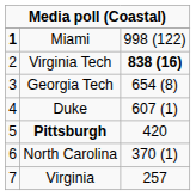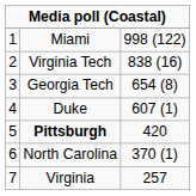 <table class="wikitable">
 <tr align="center">
 <td align="center" Colspan="3"><strong>Media poll (Coastal)</strong></td>
 </tr>
 <tr align="center">
 </tr>
 <tr align="center">
-<td><strong>1</strong></td>
+<td>1</td>
 <td>Miami</td>
 <td>998 (122)</td>
 </tr>
 <tr align="center">
 <td>2</td>
 <td>Virginia Tech</td>
-<td><strong>838 (16)</strong></td>
+<td>838 (16)</td>
 </tr>
 <tr align="center">
 <td>3</td>
 <td>Georgia Tech</td>
 <td>654 (8)</td>
 </tr>
 <tr align="center">
 <td>4</td>
 <td>Duke</td>
 <td>607 (1)</td>
 </tr>
 <tr align="center">
 <td>5</td>
 <td><strong>Pittsburgh</strong></td>
 <td>420</td>
 </tr>
 <tr align="center">
 <td>6</td>
 <td>North Carolina</td>
 <td>370 (1)</td>
 </tr>
 <tr align="center">
 <td>7</td>
 <td>Virginia</td>
 <td>257</td>
 </tr>
 </table>
